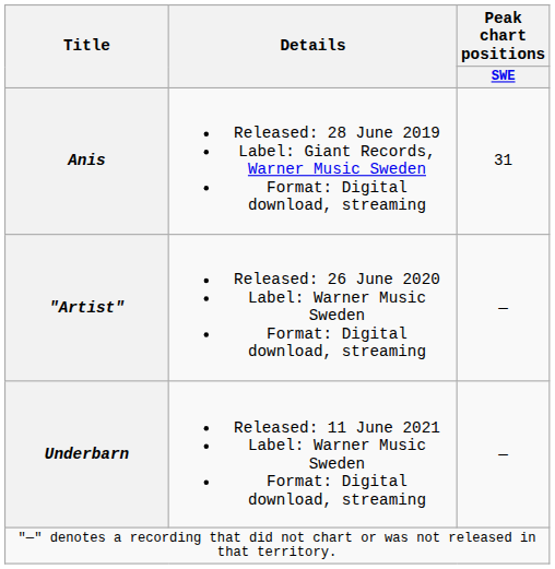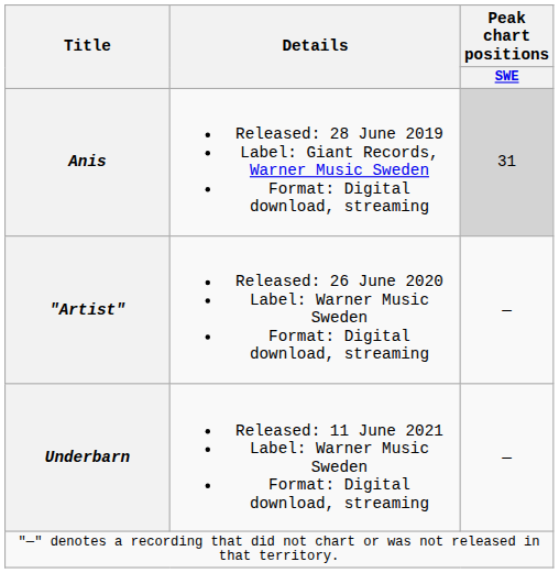 <table class="wikitable plainrowheaders" style="text-align:center;">
 <tr>
 <th scope="col" rowspan="2" style="width:10em;">Title</th>
 <th scope="col" rowspan="2" style="width:18em;">Details</th>
 <th scope="col" colspan="1">Peak chart positions</th>
 </tr>
 <tr>
 <th scope="col" style="width:3em;font-size:85%;"><a href='#'>SWE</a><br></th>
 </tr>
 <tr>
 <th scope="row"><em>Anis</em></th>
 <td><br><ul><li>Released: 28 June 2019</li><li>Label: Giant Records, <a href='#'>Warner Music Sweden</a></li><li>Format: Digital download, streaming</li></ul></td>
-<td>31</td>
+<td style="background: lightgrey;">31</td>
 </tr>
 <tr>
 <th scope="row"><em>"Artist"</em></th>
 <td><br><ul><li>Released: 26 June 2020</li><li>Label: Warner Music Sweden</li><li>Format: Digital download, streaming</li></ul></td>
 <td>—</td>
 </tr>
 <tr>
 <th scope="row"><em>Underbarn</em></th>
 <td><br><ul><li>Released: 11 June 2021</li><li>Label: Warner Music Sweden</li><li>Format: Digital download, streaming</li></ul></td>
 <td>—</td>
 </tr>
 <tr>
 <td colspan="15" style="font-size:85%">"—" denotes a recording that did not chart or was not released in that territory.</td>
 </tr>
 </table>
